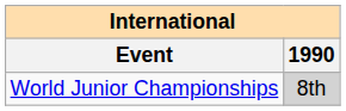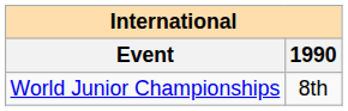 <table class="wikitable" style="text-align:center">
 <tr>
 <th style="background-color: #ffdead; " colspan=2 align=center>International</th>
 </tr>
 <tr>
 <th>Event</th>
 <th>1990</th>
 </tr>
 <tr>
 <td align=left><a href='#'>World Junior Championships</a></td>
-<td style="background: lightgrey;">8th</td>
+<td>8th</td>
 </tr>
 </table>
